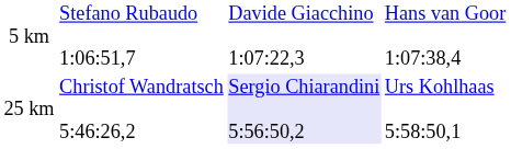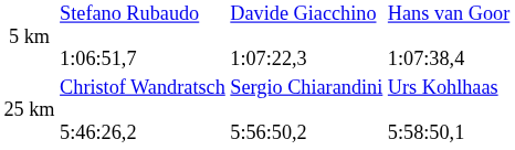 <table>
 <tr>
 <td align=center>5 km</td>
 <td><a href='#'>Stefano Rubaudo</a> <br><br> 1:06:51,7</td>
 <td><a href='#'>Davide Giacchino</a> <br><br> 1:07:22,3</td>
 <td><a href='#'>Hans van Goor</a> <br><br> 1:07:38,4</td>
 </tr>
 <tr>
 <td align=center>25 km</td>
 <td><a href='#'>Christof Wandratsch</a> <br><br> 5:46:26,2</td>
-<td style="background: lavender;"><a href='#'>Sergio Chiarandini</a> <br><br> 5:56:50,2</td>
+<td><a href='#'>Sergio Chiarandini</a> <br><br> 5:56:50,2</td>
 <td><a href='#'>Urs Kohlhaas</a> <br><br> 5:58:50,1</td>
 </tr>
 </table>
